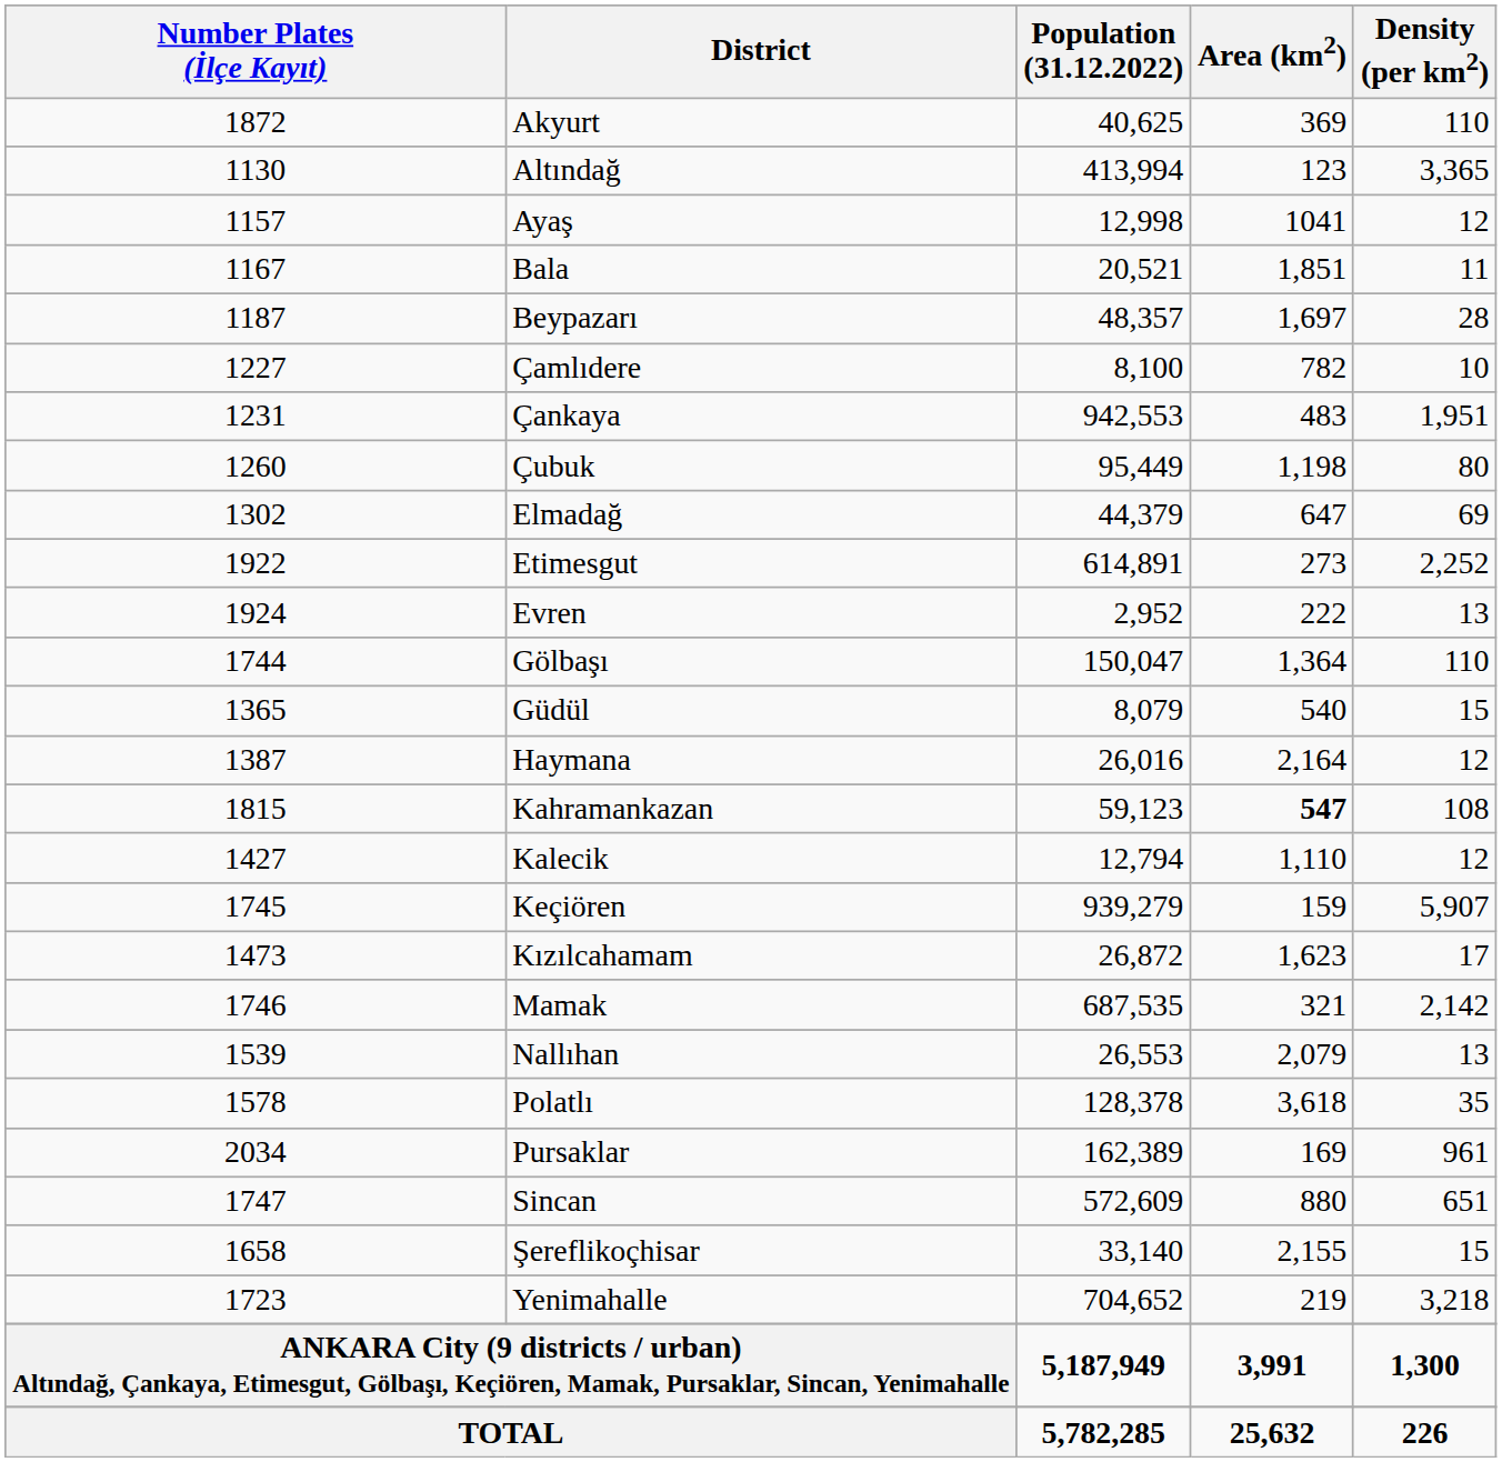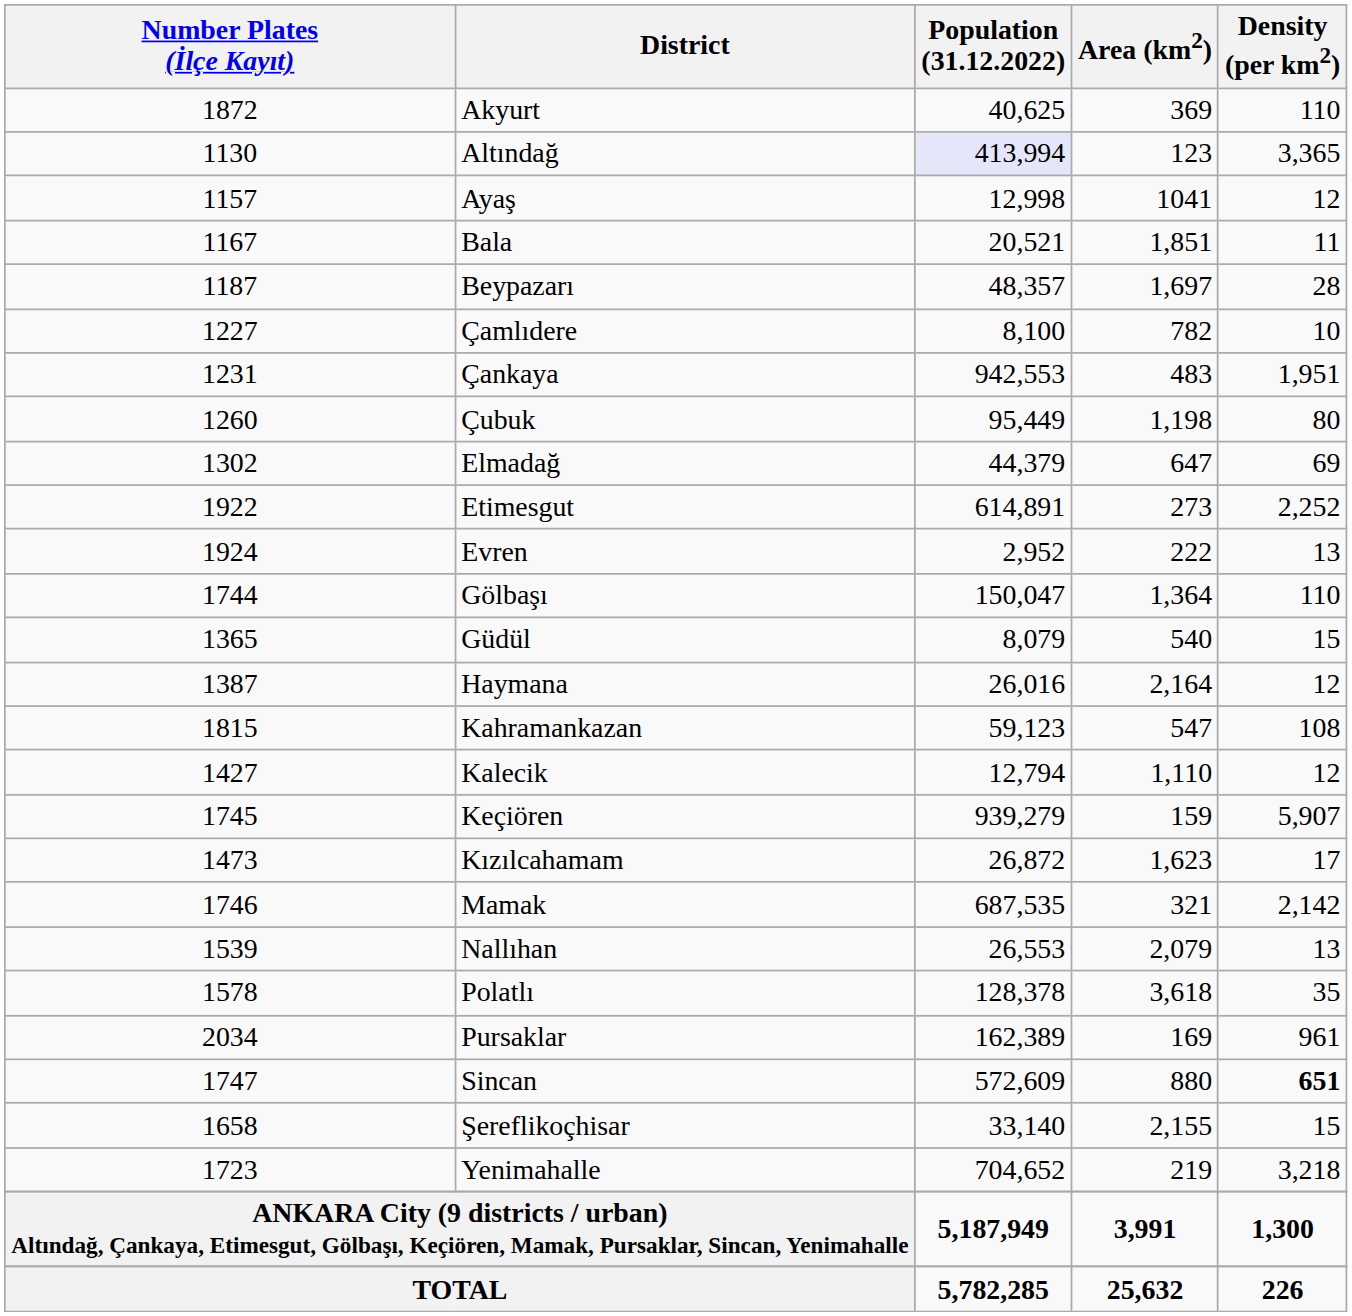 <table class="wikitable sortable">
 <tr>
 <th><a href='#'>Number Plates<br><em>(İlçe Kayıt)</em></a></th>
 <th>District</th>
 <th>Population<br>(31.12.2022)</th>
 <th>Area (km<sup>2</sup>)</th>
 <th>Density<br>(per km<sup>2</sup>)</th>
 </tr>
 <tr>
 <td align="center">1872</td>
 <td>Akyurt</td>
 <td align="right">40,625</td>
 <td align="right">369</td>
 <td align="right">110</td>
 </tr>
 <tr>
 <td align="center">1130</td>
 <td>Altındağ</td>
-<td align="right">413,994</td>
+<td align="right" style="background: lavender;">413,994</td>
 <td align="right">123</td>
 <td align="right">3,365</td>
 </tr>
 <tr>
 <td align="center">1157</td>
 <td>Ayaş</td>
 <td align="right">12,998</td>
 <td align="right">1041</td>
 <td align="right">12</td>
 </tr>
 <tr>
 <td align="center">1167</td>
 <td>Bala</td>
 <td align="right">20,521</td>
 <td align="right">1,851</td>
 <td align="right">11</td>
 </tr>
 <tr>
 <td align="center">1187</td>
 <td>Beypazarı</td>
 <td align="right">48,357</td>
 <td align="right">1,697</td>
 <td align="right">28</td>
 </tr>
 <tr>
 <td align="center">1227</td>
 <td>Çamlıdere</td>
 <td align="right">8,100</td>
 <td align="right">782</td>
 <td align="right">10</td>
 </tr>
 <tr>
 <td align="center">1231</td>
 <td>Çankaya</td>
 <td align="right">942,553</td>
 <td align="right">483</td>
 <td align="right">1,951</td>
 </tr>
 <tr>
 <td align="center">1260</td>
 <td>Çubuk</td>
 <td align="right">95,449</td>
 <td align="right">1,198</td>
 <td align="right">80</td>
 </tr>
 <tr>
 <td align="center">1302</td>
 <td>Elmadağ</td>
 <td align="right">44,379</td>
 <td align="right">647</td>
 <td align="right">69</td>
 </tr>
 <tr>
 <td align="center">1922</td>
 <td>Etimesgut</td>
 <td align="right">614,891</td>
 <td align="right">273</td>
 <td align="right">2,252</td>
 </tr>
 <tr>
 <td align="center">1924</td>
 <td>Evren</td>
 <td align="right">2,952</td>
 <td align="right">222</td>
 <td align="right">13</td>
 </tr>
 <tr>
 <td align="center">1744</td>
 <td>Gölbaşı</td>
 <td align="right">150,047</td>
 <td align="right">1,364</td>
 <td align="right">110</td>
 </tr>
 <tr>
 <td align="center">1365</td>
 <td>Güdül</td>
 <td align="right">8,079</td>
 <td align="right">540</td>
 <td align="right">15</td>
 </tr>
 <tr>
 <td align="center">1387</td>
 <td>Haymana</td>
 <td align="right">26,016</td>
 <td align="right">2,164</td>
 <td align="right">12</td>
 </tr>
 <tr>
 <td align="center">1815</td>
 <td>Kahramankazan</td>
 <td align="right">59,123</td>
-<td align="right"><strong>547</strong></td>
+<td align="right">547</td>
 <td align="right">108</td>
 </tr>
 <tr>
 <td align="center">1427</td>
 <td>Kalecik</td>
 <td align="right">12,794</td>
 <td align="right">1,110</td>
 <td align="right">12</td>
 </tr>
 <tr>
 <td align="center">1745</td>
 <td>Keçiören</td>
 <td align="right">939,279</td>
 <td align="right">159</td>
 <td align="right">5,907</td>
 </tr>
 <tr>
 <td align="center">1473</td>
 <td>Kızılcahamam</td>
 <td align="right">26,872</td>
 <td align="right">1,623</td>
 <td align="right">17</td>
 </tr>
 <tr>
 <td align="center">1746</td>
 <td>Mamak</td>
 <td align="right">687,535</td>
 <td align="right">321</td>
 <td align="right">2,142</td>
 </tr>
 <tr>
 <td align="center">1539</td>
 <td>Nallıhan</td>
 <td align="right">26,553</td>
 <td align="right">2,079</td>
 <td align="right">13</td>
 </tr>
 <tr>
 <td align="center">1578</td>
 <td>Polatlı</td>
 <td align="right">128,378</td>
 <td align="right">3,618</td>
 <td align="right">35</td>
 </tr>
 <tr>
 <td align="center">2034</td>
 <td>Pursaklar</td>
 <td align="right">162,389</td>
 <td align="right">169</td>
 <td align="right">961</td>
 </tr>
 <tr>
 <td align="center">1747</td>
 <td>Sincan</td>
 <td align="right">572,609</td>
 <td align="right">880</td>
-<td align="right">651</td>
+<td align="right"><strong>651</strong></td>
 </tr>
 <tr>
 <td align="center">1658</td>
 <td>Şereflikoçhisar</td>
 <td align="right">33,140</td>
 <td align="right">2,155</td>
 <td align="right">15</td>
 </tr>
 <tr>
 <td align="center">1723</td>
 <td>Yenimahalle</td>
 <td align="right">704,652</td>
 <td align="right">219</td>
 <td align="right">3,218</td>
 </tr>
 <tr>
 </tr>
 <tr class=sortbottom>
 <th colspan="2">ANKARA City (9 districts / urban)<br><small>Altındağ, Çankaya, Etimesgut, Gölbaşı, Keçiören, Mamak, Pursaklar, Sincan, Yenimahalle</small></th>
 <td align="center"><strong>5,187,949</strong></td>
 <td align="center"><strong>3,991</strong></td>
 <td align="center"><strong>1,300</strong></td>
 </tr>
 <tr>
 </tr>
 <tr class=sortbottom>
 <th colspan="2">TOTAL</th>
 <td align="center"><strong>5,782,285</strong></td>
 <td align="center"><strong>25,632</strong></td>
 <td align="center"><strong>226</strong></td>
 </tr>
 </table>
